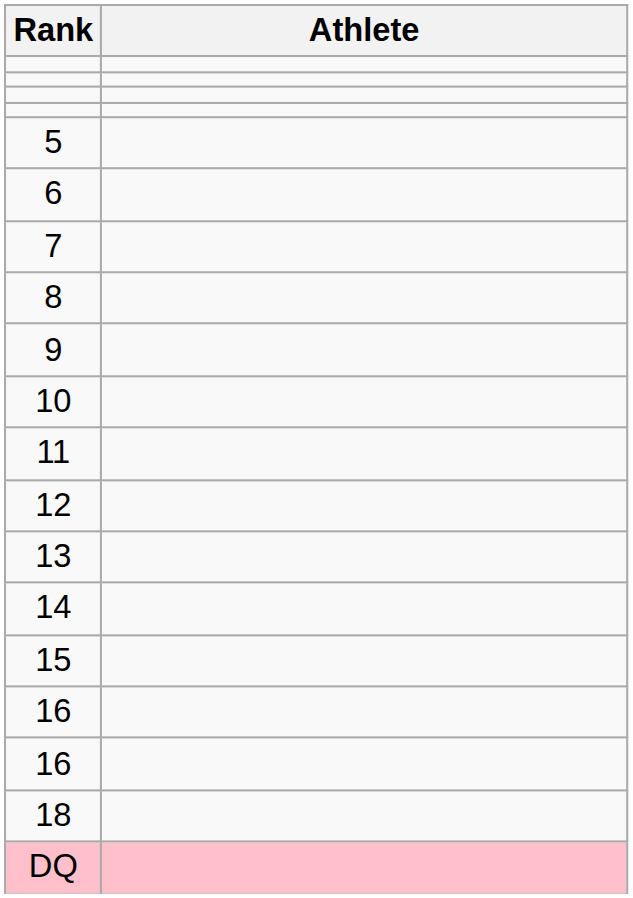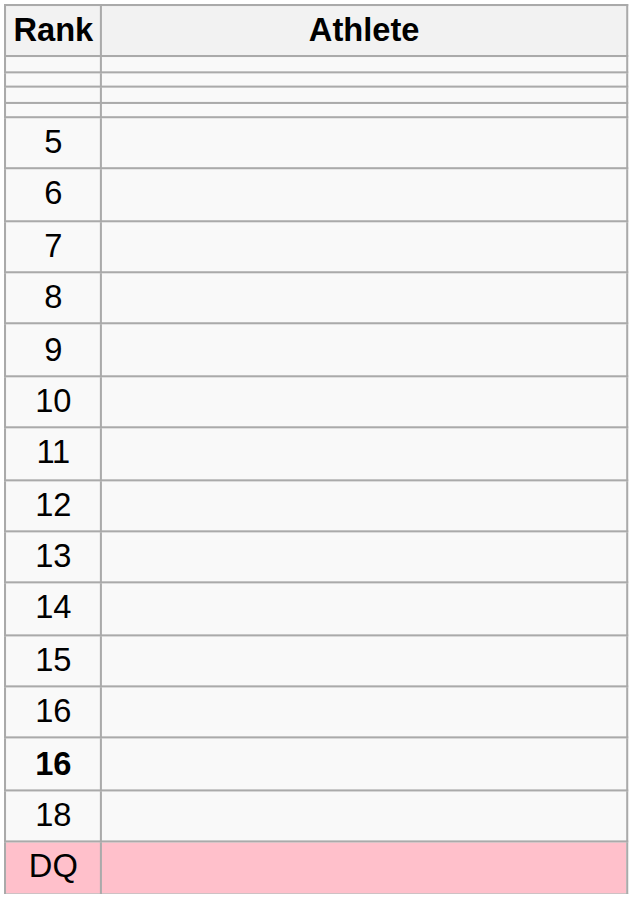 <table class="wikitable" style="text-align: center;">
 <tr>
 <th width=40>Rank</th>
 <th width=250>Athlete</th>
 </tr>
 <tr>
 <td></td>
 <td align="left"></td>
 </tr>
 <tr>
 <td></td>
 <td align="left"></td>
 </tr>
 <tr>
 <td></td>
 <td align="left"></td>
 </tr>
 <tr>
 <td></td>
 <td align="left"></td>
 </tr>
 <tr>
 <td>5</td>
 <td align="left"></td>
 </tr>
 <tr>
 <td>6</td>
 <td align="left"></td>
 </tr>
 <tr>
 <td>7</td>
 <td align="left"></td>
 </tr>
 <tr>
 <td>8</td>
 <td align="left"></td>
 </tr>
 <tr>
 <td>9</td>
 <td align="left"></td>
 </tr>
 <tr>
 <td>10</td>
 <td align="left"></td>
 </tr>
 <tr>
 <td>11</td>
 <td align="left"></td>
 </tr>
 <tr>
 <td>12</td>
 <td align="left"></td>
 </tr>
 <tr>
 <td>13</td>
 <td align="left"></td>
 </tr>
 <tr>
 <td>14</td>
 <td align="left"></td>
 </tr>
 <tr>
 <td>15</td>
 <td align="left"></td>
 </tr>
 <tr>
 <td>16</td>
 <td align="left"></td>
 </tr>
 <tr>
-<td>16</td>
+<td><strong>16</strong></td>
 <td align="left"></td>
 </tr>
 <tr>
 <td>18</td>
 <td align="left"></td>
 </tr>
 <tr bgcolor=pink>
 <td>DQ</td>
 <td align="left"></td>
 </tr>
 </table>
